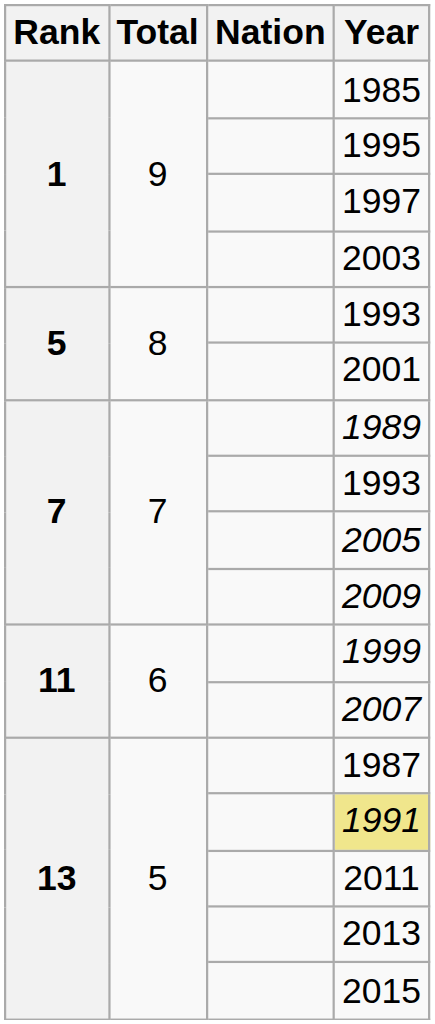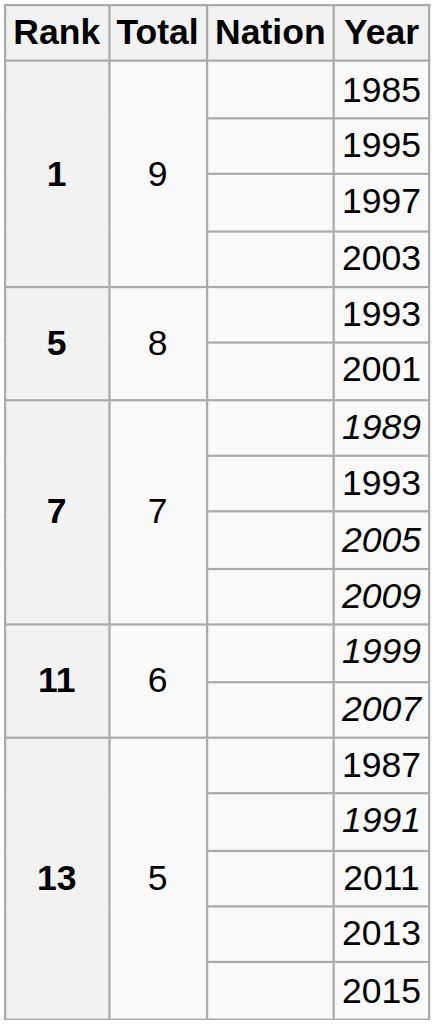 <table class="wikitable">
 <tr>
 <th>Rank</th>
 <th>Total</th>
 <th>Nation</th>
 <th>Year</th>
 </tr>
 <tr>
 <th rowspan="4">1</th>
 <td rowspan="4" style="text-align:center;">9</td>
 <td><em></em></td>
 <td style="text-align:center;">1985</td>
 </tr>
 <tr>
 <td></td>
 <td style="text-align:center;">1995</td>
 </tr>
 <tr>
 <td><em></em></td>
 <td style="text-align:center;">1997</td>
 </tr>
 <tr>
 <td><em></em></td>
 <td style="text-align:center;">2003</td>
 </tr>
 <tr>
 <th rowspan="2">5</th>
 <td rowspan="2" style="text-align:center;">8</td>
 <td></td>
 <td style="text-align:center;">1993</td>
 </tr>
 <tr>
 <td></td>
 <td style="text-align:center;">2001</td>
 </tr>
 <tr>
 <th rowspan="4">7</th>
 <td rowspan="4" style="text-align:center;">7</td>
 <td></td>
 <td style="text-align:center;"><em>1989</em></td>
 </tr>
 <tr>
 <td></td>
 <td style="text-align:center;">1993</td>
 </tr>
 <tr>
 <td></td>
 <td style="text-align:center;"><em>2005</em></td>
 </tr>
 <tr>
 <td></td>
 <td style="text-align:center;"><em>2009</em></td>
 </tr>
 <tr>
 <th rowspan="2">11</th>
 <td rowspan="2" style="text-align:center;">6</td>
 <td></td>
 <td style="text-align:center;"><em>1999</em></td>
 </tr>
 <tr>
 <td></td>
 <td style="text-align:center;"><em>2007</em></td>
 </tr>
 <tr>
 <th rowspan="5">13</th>
 <td rowspan="5" style="text-align:center;">5</td>
 <td></td>
 <td style="text-align:center;">1987</td>
 </tr>
 <tr>
 <td><em></em></td>
-<td style="background: khaki; text-align:center;"><em>1991</em></td>
+<td style="text-align:center;"><em>1991</em></td>
 </tr>
 <tr>
 <td></td>
 <td style="text-align:center;">2011</td>
 </tr>
 <tr>
 <td><em></em></td>
 <td style="text-align:center;">2013</td>
 </tr>
 <tr>
 <td></td>
 <td style="text-align:center;">2015</td>
 </tr>
 </table>
